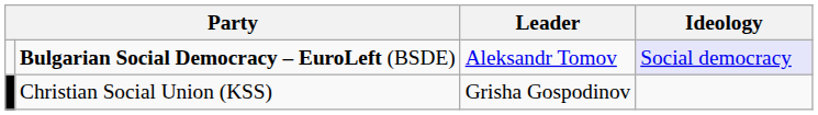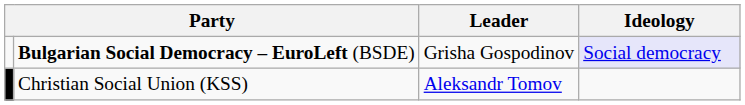 <table class="wikitable" style="font-size:95%; white-space: nowrap">
 <tr>
 <th style="width:200px" colspan="2">Party</th>
 <th style="width:100px">Leader</th>
 <th style="width:120px">Ideology</th>
 </tr>
 <tr>
 <td style="background:"></td>
 <td><strong>Bulgarian Social Democracy – EuroLeft</strong> (BSDE)</td>
-<td><a href='#'>Aleksandr Tomov</a></td>
+<td>Grisha Gospodinov</td>
 <td style="background: lavender;"><a href='#'>Social democracy</a></td>
 </tr>
 <tr>
 <td style="background:#000000;"></td>
 <td>Christian Social Union (KSS)</td>
-<td>Grisha Gospodinov</td>
+<td><a href='#'>Aleksandr Tomov</a></td>
 <td></td>
 </tr>
 </table>
